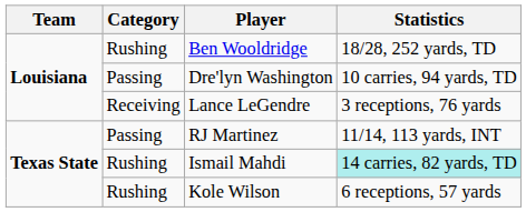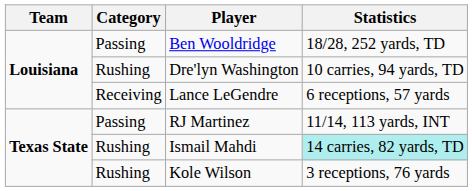 <table class="wikitable" style="float: right;">
 <tr>
 <th>Team</th>
 <th>Category</th>
 <th>Player</th>
 <th>Statistics</th>
 </tr>
 <tr>
 <td rowspan=3><strong>Louisiana</strong></td>
-<td>Rushing</td>
+<td>Passing</td>
 <td><a href='#'>Ben Wooldridge</a></td>
 <td>18/28, 252 yards, TD</td>
 </tr>
 <tr>
-<td>Passing</td>
+<td>Rushing</td>
 <td>Dre'lyn Washington</td>
 <td>10 carries, 94 yards, TD</td>
 </tr>
 <tr>
 <td>Receiving</td>
 <td>Lance LeGendre</td>
-<td>3 receptions, 76 yards</td>
+<td>6 receptions, 57 yards</td>
 </tr>
 <tr>
 <td rowspan=3><strong>Texas State</strong></td>
 <td>Passing</td>
 <td>RJ Martinez</td>
 <td>11/14, 113 yards, INT</td>
 </tr>
 <tr>
 <td>Rushing</td>
 <td>Ismail Mahdi</td>
 <td style="background: paleturquoise;">14 carries, 82 yards, TD</td>
 </tr>
 <tr>
 <td>Rushing</td>
 <td>Kole Wilson</td>
-<td>6 receptions, 57 yards</td>
+<td>3 receptions, 76 yards</td>
 </tr>
 </table>
